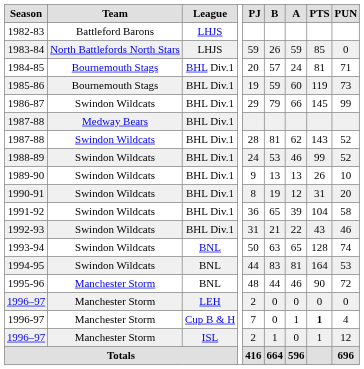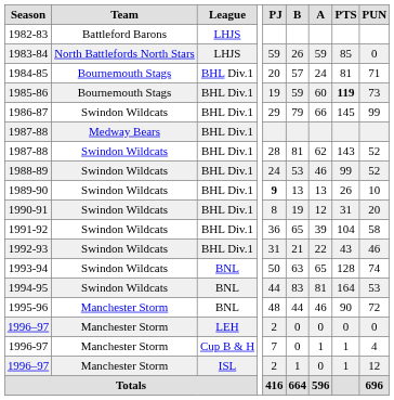 <table cellpadding="3" cellspacing="1" border="1" style="font-size: 95%; text-align: center; border: gray solid 1px; border-collapse: collapse;">
 <tr bgcolor="#e0e0e0">
 <th>Season</th>
 <th>Team</th>
 <th>League</th>
 <th rowspan="20" bgcolor="#ffffff"></th>
 <th> PJ</th>
 <th> B </th>
 <th> A </th>
 <th>PTS</th>
 <th>PUN</th>
 </tr>
 <tr>
 <td>1982-83</td>
 <td>Battleford Barons</td>
 <td><a href='#'>LHJS</a></td>
 <td> </td>
 <td> </td>
 <td> </td>
 <td> </td>
 <td> </td>
 </tr>
 <tr bgcolor=#f0f0f0>
 <td>1983-84</td>
 <td><a href='#'>North Battlefords North Stars</a></td>
 <td>LHJS</td>
 <td>59</td>
 <td>26</td>
 <td>59</td>
 <td>85</td>
 <td>0</td>
 </tr>
 <tr>
 <td>1984-85</td>
 <td><a href='#'>Bournemouth Stags</a></td>
 <td><a href='#'>BHL</a> Div.1</td>
 <td>20</td>
 <td>57</td>
 <td>24</td>
 <td>81</td>
 <td>71</td>
 </tr>
 <tr bgcolor=#f0f0f0>
 <td>1985-86</td>
 <td>Bournemouth Stags</td>
 <td>BHL Div.1</td>
 <td>19</td>
 <td>59</td>
 <td>60</td>
-<td>119</td>
+<td><strong>119</strong></td>
 <td>73</td>
 </tr>
 <tr>
 <td>1986-87</td>
 <td>Swindon Wildcats</td>
 <td>BHL Div.1</td>
 <td>29</td>
 <td>79</td>
 <td>66</td>
 <td>145</td>
 <td>99</td>
 </tr>
 <tr bgcolor=#f0f0f0>
 <td>1987-88</td>
 <td><a href='#'>Medway Bears</a></td>
 <td>BHL Div.1</td>
 <td></td>
 <td></td>
 <td></td>
 <td></td>
 <td></td>
 </tr>
 <tr>
 <td>1987-88</td>
 <td><a href='#'>Swindon Wildcats</a></td>
 <td>BHL Div.1</td>
 <td>28</td>
 <td>81</td>
 <td>62</td>
 <td>143</td>
 <td>52</td>
 </tr>
 <tr bgcolor=#f0f0f0>
 <td>1988-89</td>
 <td>Swindon Wildcats</td>
 <td>BHL Div.1</td>
 <td>24</td>
 <td>53</td>
 <td>46</td>
 <td>99</td>
 <td>52</td>
 </tr>
 <tr>
 <td>1989-90</td>
 <td>Swindon Wildcats</td>
 <td>BHL Div.1</td>
-<td>9</td>
+<td><strong>9</strong></td>
 <td>13</td>
 <td>13</td>
 <td>26</td>
 <td>10</td>
 </tr>
 <tr bgcolor=#f0f0f0>
 <td>1990-91</td>
 <td>Swindon Wildcats</td>
 <td>BHL Div.1</td>
 <td>8</td>
 <td>19</td>
 <td>12</td>
 <td>31</td>
 <td>20</td>
 </tr>
 <tr>
 <td>1991-92</td>
 <td>Swindon Wildcats</td>
 <td>BHL Div.1</td>
 <td>36</td>
 <td>65</td>
 <td>39</td>
 <td>104</td>
 <td>58</td>
 </tr>
 <tr bgcolor=#f0f0f0>
 <td>1992-93</td>
 <td>Swindon Wildcats</td>
 <td>BHL Div.1</td>
 <td>31</td>
 <td>21</td>
 <td>22</td>
 <td>43</td>
 <td>46</td>
 </tr>
 <tr>
 <td>1993-94</td>
 <td>Swindon Wildcats</td>
 <td><a href='#'>BNL</a></td>
 <td>50</td>
 <td>63</td>
 <td>65</td>
 <td>128</td>
 <td>74</td>
 </tr>
 <tr bgcolor=#f0f0f0>
 <td>1994-95</td>
 <td>Swindon Wildcats</td>
 <td>BNL</td>
 <td>44</td>
 <td>83</td>
 <td>81</td>
 <td>164</td>
 <td>53</td>
 </tr>
 <tr>
 <td>1995-96</td>
 <td><a href='#'>Manchester Storm</a></td>
 <td>BNL</td>
 <td>48</td>
 <td>44</td>
 <td>46</td>
 <td>90</td>
 <td>72</td>
 </tr>
 <tr bgcolor=#f0f0f0>
 <td><a href='#'>1996–97</a></td>
 <td>Manchester Storm</td>
 <td><a href='#'>LEH</a></td>
 <td>2</td>
 <td>0</td>
 <td>0</td>
 <td>0</td>
 <td>0</td>
 </tr>
 <tr>
 <td>1996-97</td>
 <td>Manchester Storm</td>
 <td><a href='#'>Cup B & H</a></td>
 <td>7</td>
 <td>0</td>
 <td>1</td>
-<td><strong>1</strong></td>
+<td>1</td>
 <td>4</td>
 </tr>
 <tr bgcolor=#f0f0f0>
 <td><a href='#'>1996–97</a></td>
 <td>Manchester Storm</td>
 <td><a href='#'>ISL</a></td>
 <td>2</td>
 <td>1</td>
 <td>0</td>
 <td>1</td>
 <td>12</td>
 </tr>
 <tr bgcolor="#e0e0e0">
 <th colspan=3>Totals</th>
 <th>416</th>
 <th>664</th>
 <th>596</th>
 <th></th>
 <th>696</th>
 </tr>
 </table>
